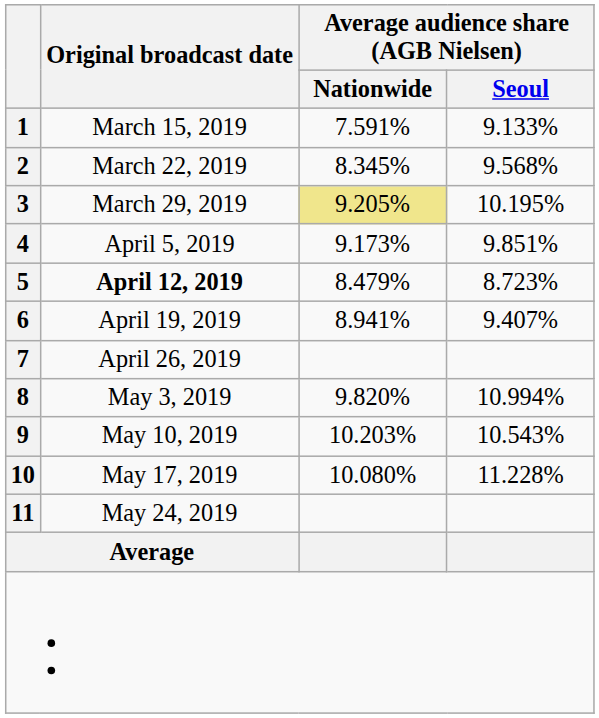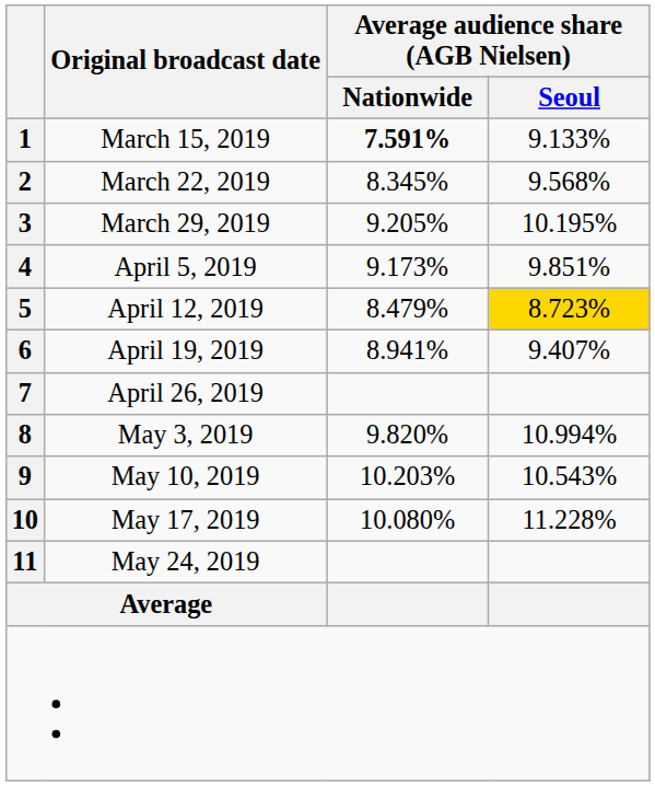 <table class="wikitable" style="text-align:center;max-width:450px; margin-left: auto; margin-right: auto; border: none;">
 <tr>
 </tr>
 <tr>
 <th rowspan="2"></th>
 <th rowspan="2">Original broadcast date</th>
 <th colspan="2">Average audience share<br>(AGB Nielsen)</th>
 </tr>
 <tr>
 <th width="90">Nationwide</th>
 <th width="90"><a href='#'>Seoul</a></th>
 </tr>
 <tr>
 <th>1</th>
 <td>March 15, 2019</td>
-<td>7.591%</td>
+<td><strong>7.591%</strong></td>
 <td>9.133%</td>
 </tr>
 <tr>
 <th>2</th>
 <td>March 22, 2019</td>
 <td>8.345%</td>
 <td>9.568%</td>
 </tr>
 <tr>
 <th>3</th>
 <td>March 29, 2019</td>
-<td style="background: khaki;">9.205%</td>
+<td>9.205%</td>
 <td>10.195%</td>
 </tr>
 <tr>
 <th>4</th>
 <td>April 5, 2019</td>
 <td>9.173%</td>
 <td>9.851%</td>
 </tr>
 <tr>
 <th>5</th>
-<td><strong>April 12, 2019</strong></td>
+<td>April 12, 2019</td>
 <td>8.479%</td>
-<td>8.723%</td>
+<td style="background: gold;">8.723%</td>
 </tr>
 <tr>
 <th>6</th>
 <td>April 19, 2019</td>
 <td>8.941%</td>
 <td>9.407%</td>
 </tr>
 <tr>
 <th>7</th>
 <td>April 26, 2019</td>
 <td></td>
 <td></td>
 </tr>
 <tr>
 <th>8</th>
 <td>May 3, 2019</td>
 <td>9.820%</td>
 <td>10.994%</td>
 </tr>
 <tr>
 <th>9</th>
 <td>May 10, 2019</td>
 <td>10.203%</td>
 <td>10.543%</td>
 </tr>
 <tr>
 <th>10</th>
 <td>May 17, 2019</td>
 <td>10.080%</td>
 <td>11.228%</td>
 </tr>
 <tr>
 <th>11</th>
 <td>May 24, 2019</td>
 <td></td>
 <td></td>
 </tr>
 <tr>
 <th colspan="2">Average</th>
 <th></th>
 <th></th>
 </tr>
 <tr>
 <td colspan="4"><br><ul><li></li><li></li></ul></td>
 </tr>
 </table>
